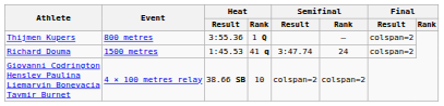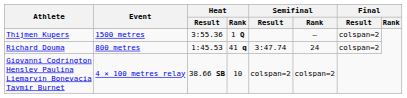 <table class="wikitable" style="font-size:90%">
 <tr>
 <th rowspan="2">Athlete</th>
 <th rowspan="2">Event</th>
 <th colspan="2">Heat</th>
 <th colspan="2">Semifinal</th>
 <th colspan="2">Final</th>
 </tr>
 <tr style="font-size:95%">
 <th>Result</th>
 <th>Rank</th>
 <th>Result</th>
 <th>Rank</th>
 <th>Result</th>
 <th>Rank</th>
 </tr>
 <tr style=text-align:center>
 <td style=text-align:left><a href='#'>Thijmen Kupers</a></td>
-<td style=text-align:left><a href='#'>800 metres</a></td>
+<td style=text-align:left><a href='#'>1500 metres</a></td>
 <td>3:55.36</td>
 <td>1 <strong>Q</strong></td>
 <td></td>
 <td>–</td>
 <td>colspan=2 </td>
 </tr>
 <tr style=text-align:center>
 <td style=text-align:left><a href='#'>Richard Douma</a></td>
-<td style=text-align:left><a href='#'>1500 metres</a></td>
+<td style=text-align:left><a href='#'>800 metres</a></td>
 <td>1:45.53</td>
 <td>41 <strong>q</strong></td>
 <td>3:47.74</td>
 <td>24</td>
 <td>colspan=2 </td>
 </tr>
 <tr style=text-align:center>
 <td style=text-align:left><a href='#'>Giovanni Codrington</a><br><a href='#'>Hensley Paulina</a><br><a href='#'>Liemarvin Bonevacia</a><br><a href='#'>Taymir Burnet</a></td>
 <td style=text-align:left><a href='#'>4 × 100 metres relay</a></td>
 <td>38.66 <strong>SB</strong></td>
 <td>10</td>
 <td>colspan=2 </td>
 <td>colspan=2 </td>
 </tr>
 </table>
